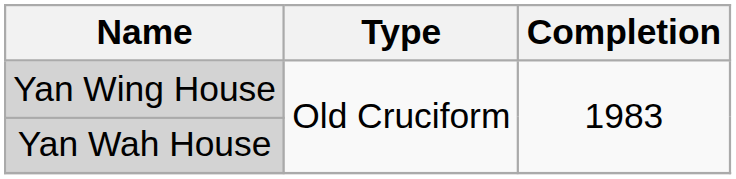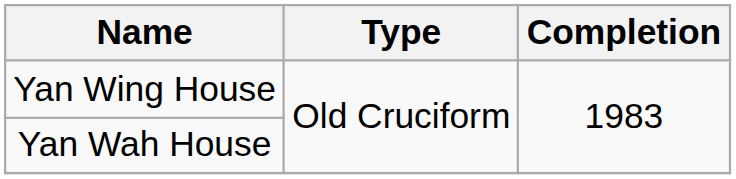 <table class="wikitable" style="text-align: center">
 <tr>
 <th>Name</th>
 <th>Type</th>
 <th>Completion</th>
 </tr>
 <tr>
-<td style="background: lightgrey;">Yan Wing House</td>
+<td>Yan Wing House</td>
 <td rowspan="2">Old Cruciform</td>
 <td rowspan="2">1983</td>
 </tr>
 <tr>
-<td style="background: lightgrey;">Yan Wah House</td>
+<td>Yan Wah House</td>
 </tr>
 <tr>
 </tr>
 </table>
